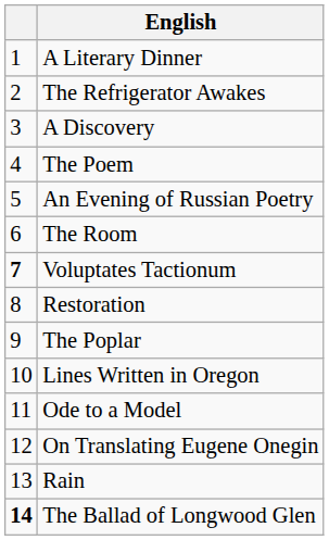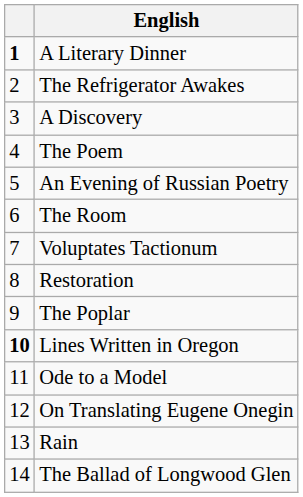 <table class="wikitable">
 <tr>
 <th></th>
 <th>English</th>
 </tr>
 <tr>
-<td>1</td>
+<td><strong>1</strong></td>
 <td>A Literary Dinner</td>
 </tr>
 <tr>
 <td>2</td>
 <td>The Refrigerator Awakes</td>
 </tr>
 <tr>
 <td>3</td>
 <td>A Discovery</td>
 </tr>
 <tr>
 <td>4</td>
 <td>The Poem</td>
 </tr>
 <tr>
 <td>5</td>
 <td>An Evening of Russian Poetry</td>
 </tr>
 <tr>
 <td>6</td>
 <td>The Room</td>
 </tr>
 <tr>
-<td><strong>7</strong></td>
+<td>7</td>
 <td>Voluptates Tactionum</td>
 </tr>
 <tr>
 <td>8</td>
 <td>Restoration</td>
 </tr>
 <tr>
 <td>9</td>
 <td>The Poplar</td>
 </tr>
 <tr>
-<td>10</td>
+<td><strong>10</strong></td>
 <td>Lines Written in Oregon</td>
 </tr>
 <tr>
 <td>11</td>
 <td>Ode to a Model</td>
 </tr>
 <tr>
 <td>12</td>
 <td>On Translating Eugene Onegin</td>
 </tr>
 <tr>
 <td>13</td>
 <td>Rain</td>
 </tr>
 <tr>
-<td><strong>14</strong></td>
+<td>14</td>
 <td>The Ballad of Longwood Glen</td>
 </tr>
 </table>
